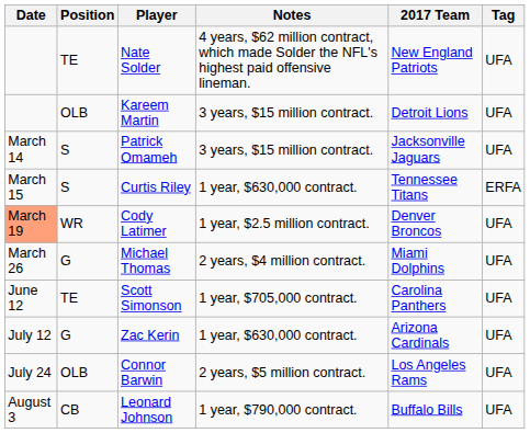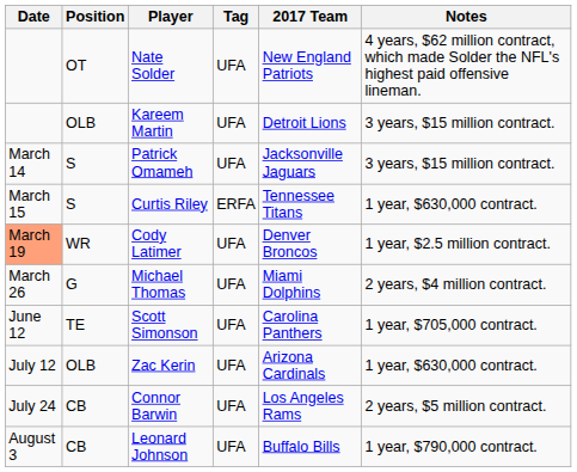 <table class="wikitable sortable">
 <tr>
 <th>Date</th>
 <th>Position</th>
 <th>Player</th>
+<th>Tag</th>
+<th>2017 Team</th>
 <th>Notes</th>
-<th>2017 Team</th>
-<th>Tag</th>
 </tr>
 <tr>
 <td></td>
-<td>TE</td>
+<td>OT</td>
 <td><a href='#'>Nate Solder</a></td>
+<td>UFA</td>
+<td><a href='#'>New England Patriots</a></td>
 <td>4 years, $62 million contract, which made Solder the NFL's highest paid offensive lineman.</td>
-<td><a href='#'>New England Patriots</a></td>
-<td>UFA</td>
 </tr>
 <tr>
 <td></td>
 <td>OLB</td>
 <td><a href='#'>Kareem Martin</a></td>
+<td>UFA</td>
+<td><a href='#'>Detroit Lions</a></td>
 <td>3 years, $15 million contract.</td>
-<td><a href='#'>Detroit Lions</a></td>
-<td>UFA</td>
 </tr>
 <tr>
 <td>March 14</td>
 <td>S</td>
 <td><a href='#'>Patrick Omameh</a></td>
+<td>UFA</td>
+<td><a href='#'>Jacksonville Jaguars</a></td>
 <td>3 years, $15 million contract.</td>
-<td><a href='#'>Jacksonville Jaguars</a></td>
-<td>UFA</td>
 </tr>
 <tr>
 <td>March 15</td>
 <td>S</td>
 <td><a href='#'>Curtis Riley</a></td>
+<td>ERFA</td>
+<td><a href='#'>Tennessee Titans</a></td>
 <td>1 year, $630,000 contract.</td>
-<td><a href='#'>Tennessee Titans</a></td>
-<td>ERFA</td>
 </tr>
 <tr>
 <td style="background: lightsalmon;">March 19</td>
 <td>WR</td>
 <td><a href='#'>Cody Latimer</a></td>
+<td>UFA</td>
+<td><a href='#'>Denver Broncos</a></td>
 <td>1 year, $2.5 million contract.</td>
-<td><a href='#'>Denver Broncos</a></td>
-<td>UFA</td>
 </tr>
 <tr>
 <td>March 26</td>
 <td>G</td>
 <td><a href='#'>Michael Thomas</a></td>
+<td>UFA</td>
+<td><a href='#'>Miami Dolphins</a></td>
 <td>2 years, $4 million contract.</td>
-<td><a href='#'>Miami Dolphins</a></td>
-<td>UFA</td>
 </tr>
 <tr>
 <td>June 12</td>
 <td>TE</td>
 <td><a href='#'>Scott Simonson</a></td>
+<td>UFA</td>
+<td><a href='#'>Carolina Panthers</a></td>
 <td>1 year, $705,000 contract.</td>
-<td><a href='#'>Carolina Panthers</a></td>
-<td>UFA</td>
 </tr>
 <tr>
 <td>July 12</td>
-<td>G</td>
+<td>OLB</td>
 <td><a href='#'>Zac Kerin</a></td>
+<td>UFA</td>
+<td><a href='#'>Arizona Cardinals</a></td>
 <td>1 year, $630,000 contract.</td>
-<td><a href='#'>Arizona Cardinals</a></td>
-<td>UFA</td>
 </tr>
 <tr>
 <td>July 24</td>
-<td>OLB</td>
+<td>CB</td>
 <td><a href='#'>Connor Barwin</a></td>
+<td>UFA</td>
+<td><a href='#'>Los Angeles Rams</a></td>
 <td>2 years, $5 million contract.</td>
-<td><a href='#'>Los Angeles Rams</a></td>
-<td>UFA</td>
 </tr>
 <tr>
 <td>August 3</td>
 <td>CB</td>
 <td><a href='#'>Leonard Johnson</a></td>
+<td>UFA</td>
+<td><a href='#'>Buffalo Bills</a></td>
 <td>1 year, $790,000 contract.</td>
-<td><a href='#'>Buffalo Bills</a></td>
-<td>UFA</td>
 </tr>
 </table>
